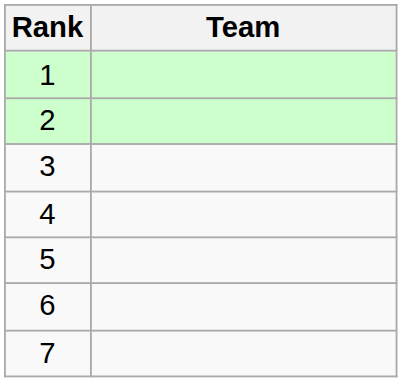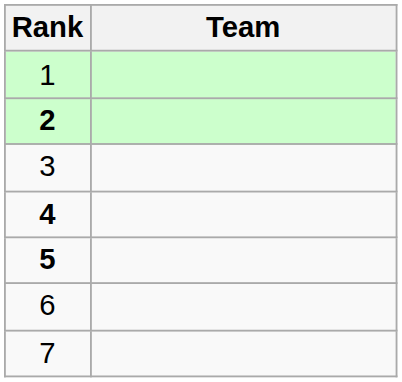 <table class="wikitable" style="text-align:center">
 <tr>
 <th>Rank</th>
 <th width=160px>Team</th>
 </tr>
 <tr bgcolor="#ccffcc">
 <td align="center">1</td>
 <td align=left></td>
 </tr>
 <tr bgcolor="#ccffcc">
-<td align="center">2</td>
+<td align="center"><strong>2</strong></td>
 <td align=left></td>
 </tr>
 <tr>
 <td align="center">3</td>
 <td align=left></td>
 </tr>
 <tr>
-<td>4</td>
+<td><strong>4</strong></td>
 <td align=left></td>
 </tr>
 <tr>
-<td>5</td>
+<td><strong>5</strong></td>
 <td align=left></td>
 </tr>
 <tr>
 <td>6</td>
 <td align=left></td>
 </tr>
 <tr>
 <td>7</td>
 <td align=left></td>
 </tr>
 </table>
